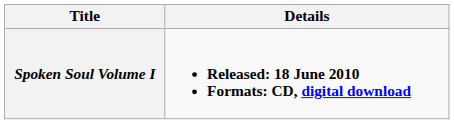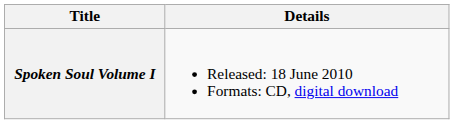 <table class="wikitable plainrowheaders">
 <tr>
 <th style="width:10em;">Title</th>
 <th style="width:18em;">Details</th>
 </tr>
 <tr>
 <th scope="row"><em>Spoken Soul Volume I</em></th>
-<td><strong><br><ul><li>Released: 18 June 2010</li><li>Formats: CD, <a href='#'>digital download</a></li></ul></strong></td>
+<td><br><ul><li>Released: 18 June 2010</li><li>Formats: CD, <a href='#'>digital download</a></li></ul></td>
 </tr>
 </table>
